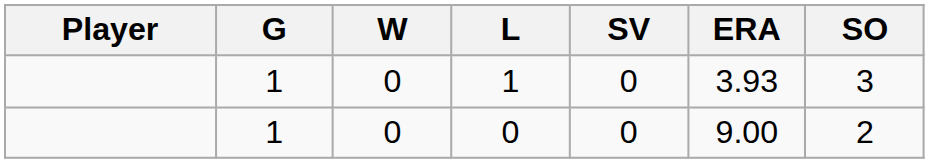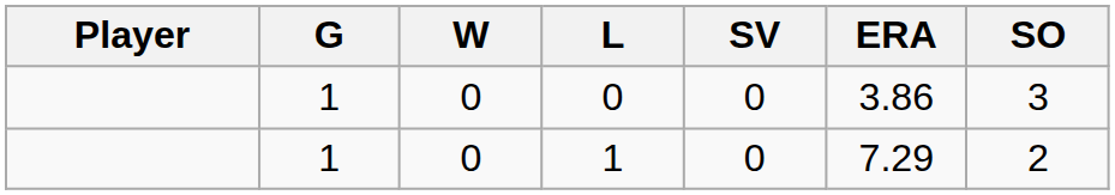 <table class="wikitable sortable">
 <tr>
 <th bgcolor="#DDDDFF" width="16%">Player</th>
 <th bgcolor="#DDDDFF" width="9%">G</th>
 <th bgcolor="#DDDDFF" width="9%">W</th>
 <th bgcolor="#DDDDFF" width="9%">L</th>
 <th bgcolor="#DDDDFF" width="9%">SV</th>
 <th bgcolor="#DDDDFF" width="9%">ERA</th>
 <th bgcolor="#DDDDFF" width="9%">SO</th>
 </tr>
 <tr align="center">
 <td></td>
 <td>1</td>
 <td>0</td>
-<td>1</td>
 <td>0</td>
-<td>3.93</td>
+<td>0</td>
+<td>3.86</td>
 <td>3</td>
 </tr>
 <tr align="center">
 <td></td>
 <td>1</td>
 <td>0</td>
+<td>1</td>
 <td>0</td>
-<td>0</td>
-<td>9.00</td>
+<td>7.29</td>
 <td>2</td>
 </tr>
 </table>
